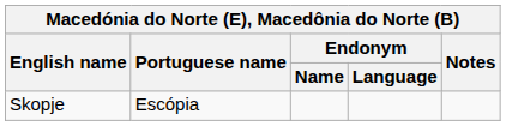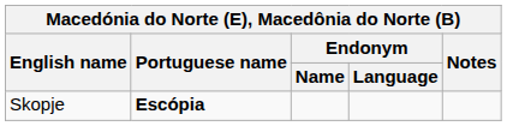 <table class="wikitable sortable">
 <tr>
 <th colspan="5"> Macedónia do Norte (E), Macedônia do Norte (B)</th>
 </tr>
 <tr>
 <th rowspan="2">English name</th>
 <th rowspan="2">Portuguese name</th>
 <th colspan="2">Endonym</th>
 <th rowspan="2">Notes</th>
 </tr>
 <tr>
 <th>Name</th>
 <th>Language</th>
 </tr>
 <tr>
 <td>Skopje</td>
-<td>Escópia</td>
+<td><strong>Escópia</strong></td>
 <td></td>
 <td></td>
 <td></td>
 </tr>
 </table>
